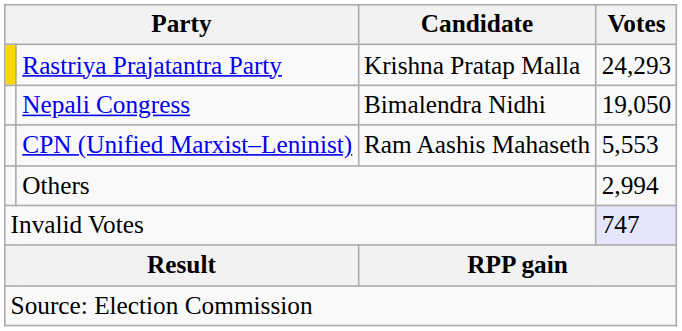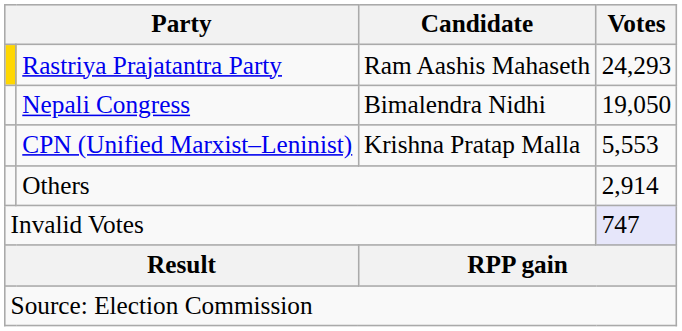 <table class="wikitable">
 <tr>
 <th colspan="2">Party</th>
 <th>Candidate</th>
 <th>Votes</th>
 </tr>
 <tr>
 <td style="background-color:gold"></td>
 <td><a href='#'>Rastriya Prajatantra Party</a></td>
-<td>Krishna Pratap Malla</td>
+<td>Ram Aashis Mahaseth</td>
 <td>24,293</td>
 </tr>
 <tr>
 <td style="background-color:"></td>
 <td><a href='#'>Nepali Congress</a></td>
 <td>Bimalendra Nidhi</td>
 <td>19,050</td>
 </tr>
 <tr>
 <td style="background-color:"></td>
 <td><a href='#'>CPN (Unified Marxist–Leninist)</a></td>
-<td>Ram Aashis Mahaseth</td>
+<td>Krishna Pratap Malla</td>
 <td>5,553</td>
 </tr>
 <tr>
 <td></td>
 <td colspan="2">Others</td>
-<td>2,994</td>
+<td>2,914</td>
 </tr>
 <tr>
 <td colspan="3">Invalid Votes</td>
 <td style="background: lavender;">747</td>
 </tr>
 <tr>
 <th colspan="2">Result</th>
 <th colspan="2">RPP gain</th>
 </tr>
 <tr>
 <td colspan="4">Source: Election Commission</td>
 </tr>
 </table>
